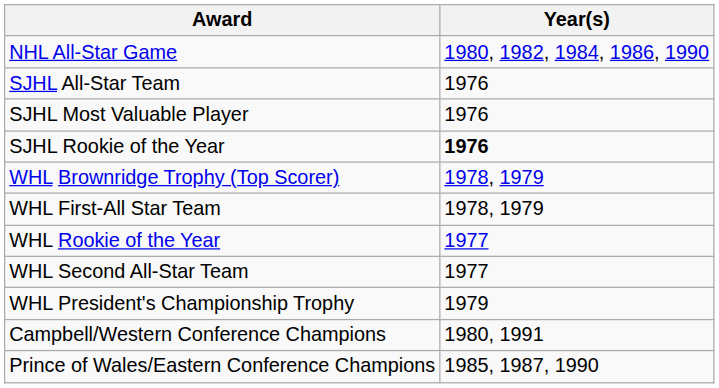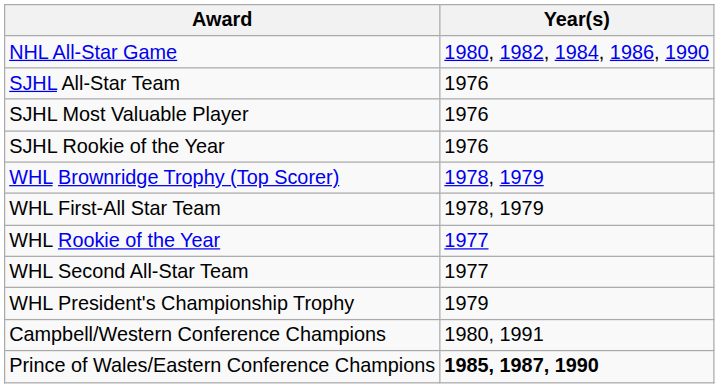 <table class="wikitable">
 <tr>
 <th>Award</th>
 <th>Year(s)</th>
 </tr>
 <tr>
 <td><a href='#'>NHL All-Star Game</a></td>
 <td><a href='#'>1980</a>, <a href='#'>1982</a>, <a href='#'>1984</a>, <a href='#'>1986</a>, <a href='#'>1990</a></td>
 </tr>
 <tr>
 <td><a href='#'>SJHL</a> All-Star Team</td>
 <td>1976</td>
 </tr>
 <tr>
 <td>SJHL Most Valuable Player</td>
 <td>1976</td>
 </tr>
 <tr>
 <td>SJHL Rookie of the Year</td>
-<td><strong>1976</strong></td>
+<td>1976</td>
 </tr>
 <tr>
 <td><a href='#'>WHL</a> <a href='#'>Brownridge Trophy (Top Scorer)</a></td>
 <td><a href='#'>1978</a>, <a href='#'>1979</a></td>
 </tr>
 <tr>
 <td>WHL First-All Star Team</td>
 <td>1978, 1979</td>
 </tr>
 <tr>
 <td>WHL <a href='#'>Rookie of the Year</a></td>
 <td><a href='#'>1977</a></td>
 </tr>
 <tr>
 <td>WHL Second All-Star Team</td>
 <td>1977</td>
 </tr>
 <tr>
 <td>WHL President's Championship Trophy</td>
 <td>1979</td>
 </tr>
 <tr>
 <td>Campbell/Western Conference Champions</td>
 <td>1980, 1991</td>
 </tr>
 <tr>
 <td>Prince of Wales/Eastern Conference Champions</td>
-<td>1985, 1987, 1990</td>
+<td><strong>1985, 1987, 1990</strong></td>
 </tr>
 </table>
